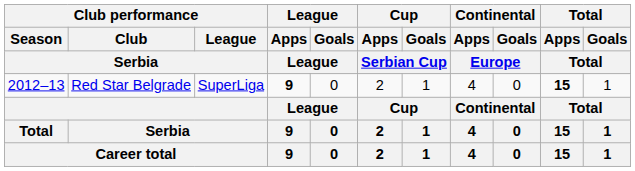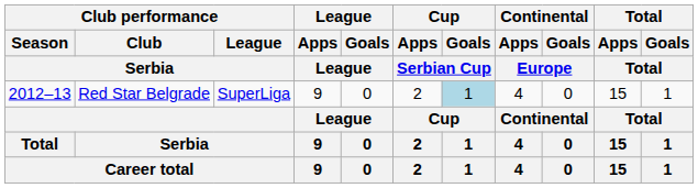 <table class="wikitable" style="text-align:center">
 <tr>
 <th colspan=3>Club performance</th>
 <th colspan=2>League</th>
 <th colspan=2>Cup</th>
 <th colspan=2>Continental</th>
 <th colspan=2>Total</th>
 </tr>
 <tr>
 <th>Season</th>
 <th>Club</th>
 <th>League</th>
 <th>Apps</th>
 <th>Goals</th>
 <th>Apps</th>
 <th>Goals</th>
 <th>Apps</th>
 <th>Goals</th>
 <th>Apps</th>
 <th>Goals</th>
 </tr>
 <tr>
 <th colspan=3>Serbia</th>
 <th colspan=2>League</th>
 <th colspan=2><a href='#'>Serbian Cup</a></th>
 <th colspan=2><a href='#'>Europe</a></th>
 <th colspan=2>Total</th>
 </tr>
 <tr>
 <td><a href='#'>2012–13</a></td>
 <td><a href='#'>Red Star Belgrade</a></td>
 <td><a href='#'>SuperLiga</a></td>
-<td><strong>9</strong></td>
+<td>9</td>
 <td>0</td>
 <td>2</td>
-<td>1</td>
+<td style="background: lightblue;">1</td>
 <td>4</td>
 <td>0</td>
-<td><strong>15</strong></td>
+<td>15</td>
 <td>1</td>
 </tr>
 <tr>
 <th colspan=3></th>
 <th colspan=2>League</th>
 <th colspan=2>Cup</th>
 <th colspan=2>Continental</th>
 <th colspan=2>Total</th>
 </tr>
 <tr>
 <th rowspan=1>Total</th>
 <th colspan=2>Serbia</th>
 <th>9</th>
 <th>0</th>
 <th>2</th>
 <th>1</th>
 <th>4</th>
 <th>0</th>
 <th>15</th>
 <th>1</th>
 </tr>
 <tr>
 <th colspan=3>Career total</th>
 <th>9</th>
 <th>0</th>
 <th>2</th>
 <th>1</th>
 <th>4</th>
 <th>0</th>
 <th>15</th>
 <th>1</th>
 </tr>
 </table>
